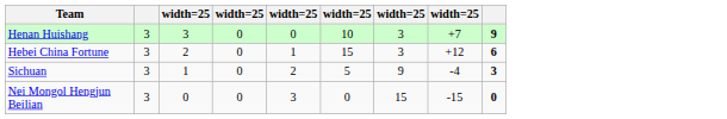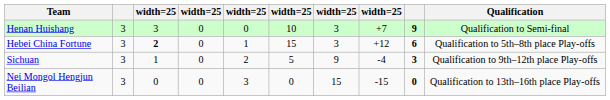 <table class="wikitable" style="text-align: center;">
 <tr>
 <th style="width:165px;">Team</th>
 <th width=25></th>
 <th>width=25</th>
 <th>width=25</th>
 <th>width=25</th>
 <th>width=25</th>
 <th>width=25</th>
 <th>width=25</th>
 <th width=25></th>
+<th width=280>Qualification</th>
 </tr>
 <tr style="background:#cfc;">
 <td align="left"><a href='#'>Henan Huishang</a></td>
 <td>3</td>
 <td>3</td>
 <td>0</td>
 <td>0</td>
 <td>10</td>
 <td>3</td>
 <td>+7</td>
 <td><strong>9</strong></td>
+<td>Qualification to Semi-final</td>
 </tr>
 <tr style=>
 <td align="left"><a href='#'>Hebei China Fortune</a></td>
 <td>3</td>
-<td>2</td>
+<td><strong>2</strong></td>
 <td>0</td>
 <td>1</td>
 <td>15</td>
 <td>3</td>
 <td>+12</td>
 <td><strong>6</strong></td>
+<td>Qualification to 5th–8th place Play-offs</td>
 </tr>
 <tr>
 <td align="left"><a href='#'>Sichuan</a></td>
 <td>3</td>
 <td>1</td>
 <td>0</td>
 <td>2</td>
 <td>5</td>
 <td>9</td>
 <td>-4</td>
 <td><strong>3</strong></td>
+<td>Qualification to 9th–12th place Play-offs</td>
 </tr>
 <tr>
 <td align="left"><a href='#'>Nei Mongol Hengjun Beilian</a></td>
 <td>3</td>
 <td>0</td>
 <td>0</td>
 <td>3</td>
 <td>0</td>
 <td>15</td>
 <td>-15</td>
 <td><strong>0</strong></td>
+<td>Qualification to 13th–16th place Play-offs</td>
 </tr>
 </table>
